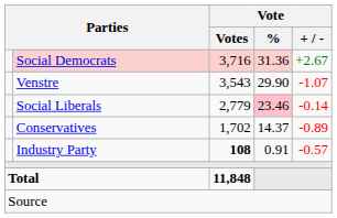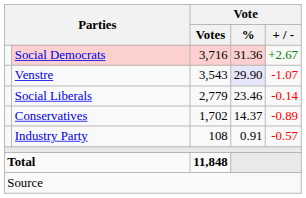 <table class="wikitable" style="text-align:right;">
 <tr>
 <th style="text-align:centre;" rowspan="2" colspan="2" width="225">Parties</th>
 <th colspan="3">Vote</th>
 </tr>
 <tr>
 <th width="15">Votes</th>
 <th width="15">%</th>
 <th width="15">+ / -</th>
 </tr>
 <tr>
 <td width="2" style="color:inherit;background:"></td>
 <td bgcolor=#fbd0ce  align="left"><a href='#'>Social Democrats</a></td>
 <td bgcolor=#fbd0ce>3,716</td>
 <td bgcolor=#fbd0ce>31.36</td>
 <td style=color:green;>+2.67</td>
 </tr>
 <tr>
 <td width="2" style="color:inherit;background:"></td>
 <td align="left"><a href='#'>Venstre</a></td>
 <td>3,543</td>
-<td>29.90</td>
+<td style="background: lavender;">29.90</td>
 <td style=color:red;>-1.07</td>
 </tr>
 <tr>
 <td width="2" style="color:inherit;background:"></td>
 <td align="left"><a href='#'>Social Liberals</a></td>
 <td>2,779</td>
-<td style="background: pink;">23.46</td>
+<td>23.46</td>
 <td style=color:red;>-0.14</td>
 </tr>
 <tr>
 <td width="2" style="color:inherit;background:"></td>
 <td align="left"><a href='#'>Conservatives</a></td>
 <td>1,702</td>
 <td>14.37</td>
 <td style=color:red;>-0.89</td>
 </tr>
 <tr>
 <td width="2" style="color:inherit;background:"></td>
 <td align="left"><a href='#'>Industry Party</a></td>
-<td><strong>108</strong></td>
+<td>108</td>
 <td>0.91</td>
 <td style=color:red;>-0.57</td>
 </tr>
 <tr>
 <td colspan="7" bgcolor="#E9E9E9"></td>
 </tr>
 <tr>
 <td align="left" colspan="2"><strong>Total</strong></td>
 <td><strong>11,848</strong></td>
 <td bgcolor="#E9E9E9" colspan="2"></td>
 </tr>
 <tr>
 <td align="left" colspan="6">Source</td>
 </tr>
 </table>
